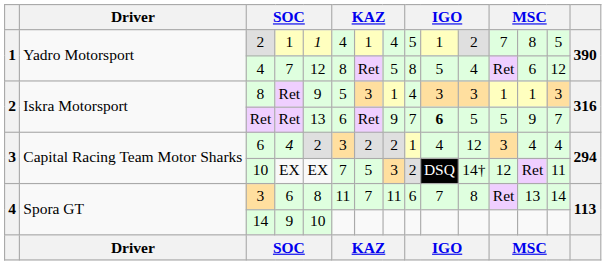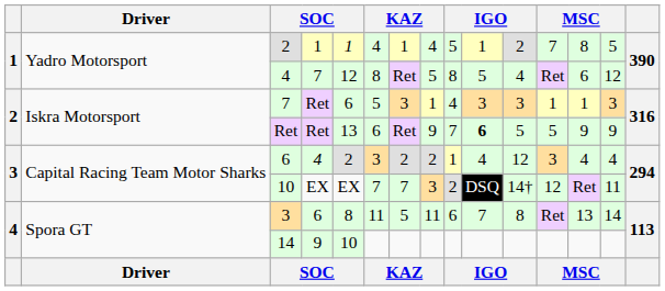 <table align=left| class="wikitable" style="font-size: 85%; text-align: center">
 <tr valign="top">
 <th valign="middle"></th>
 <th valign="middle">Driver</th>
 <th colspan=3><a href='#'>SOC</a></th>
 <th colspan=3><a href='#'>KAZ</a></th>
 <th colspan=3><a href='#'>IGO</a></th>
 <th colspan=3><a href='#'>MSC</a></th>
 <th valign="middle"></th>
 </tr>
 <tr>
 <th rowspan="2">1</th>
 <td rowspan="2" align=left>Yadro Motorsport</td>
 <td style="background:#dfdfdf;">2</td>
 <td style="background:#ffffbf;">1</td>
 <td style="background:#ffffbf;"><em>1</em></td>
 <td style="background:#dfffdf;">4</td>
 <td style="background:#ffffbf;">1</td>
 <td style="background:#dfffdf;">4</td>
 <td style="background:#dfffdf;">5</td>
 <td style="background:#ffffbf;">1</td>
 <td style="background:#dfdfdf;">2</td>
 <td style="background:#dfffdf;">7</td>
 <td style="background:#dfffdf;">8</td>
 <td style="background:#dfffdf;">5</td>
 <th rowspan="2">390</th>
 </tr>
 <tr>
 <td style="background:#dfffdf;">4</td>
 <td style="background:#dfffdf;">7</td>
 <td style="background:#dfffdf;">12</td>
 <td style="background:#dfffdf;">8</td>
 <td style="background:#efcfff;">Ret</td>
 <td style="background:#dfffdf;">5</td>
 <td style="background:#dfffdf;">8</td>
 <td style="background:#dfffdf;">5</td>
 <td style="background:#dfffdf;">4</td>
 <td style="background:#efcfff;">Ret</td>
 <td style="background:#dfffdf;">6</td>
 <td style="background:#dfffdf;">12</td>
 </tr>
 <tr>
 <th rowspan="2">2</th>
 <td rowspan="2" align=left>Iskra Motorsport</td>
-<td style="background:#dfffdf;">8</td>
+<td style="background:#dfffdf;">7</td>
 <td style="background:#efcfff;">Ret</td>
-<td style="background:#dfffdf;">9</td>
+<td style="background:#dfffdf;">6</td>
 <td style="background:#dfffdf;">5</td>
 <td style="background:#ffdf9f;">3</td>
 <td style="background:#ffffbf;">1</td>
 <td style="background:#dfffdf;">4</td>
 <td style="background:#ffdf9f;">3</td>
 <td style="background:#ffdf9f;">3</td>
 <td style="background:#ffffbf;">1</td>
 <td style="background:#ffffbf;">1</td>
 <td style="background:#ffdf9f;">3</td>
 <th rowspan="2">316</th>
 </tr>
 <tr>
 <td style="background:#efcfff;">Ret</td>
 <td style="background:#efcfff;">Ret</td>
 <td style="background:#dfffdf;">13</td>
 <td style="background:#dfffdf;">6</td>
 <td style="background:#efcfff;">Ret</td>
 <td style="background:#dfffdf;">9</td>
 <td style="background:#dfffdf;">7</td>
 <td style="background:#dfffdf;"><strong>6</strong></td>
 <td style="background:#dfffdf;">5</td>
 <td style="background:#dfffdf;">5</td>
 <td style="background:#dfffdf;">9</td>
-<td style="background:#dfffdf;">7</td>
+<td style="background:#dfffdf;">9</td>
 </tr>
 <tr>
 <th rowspan="2">3</th>
 <td rowspan="2" align=left>Capital Racing Team Motor Sharks</td>
 <td style="background:#dfffdf;">6</td>
 <td style="background:#dfffdf;"><em>4</em></td>
 <td style="background:#dfdfdf;">2</td>
 <td style="background:#ffdf9f;">3</td>
 <td style="background:#dfdfdf;">2</td>
 <td style="background:#dfdfdf;">2</td>
 <td style="background:#ffffbf;">1</td>
 <td style="background:#dfffdf;">4</td>
 <td style="background:#dfffdf;">12</td>
 <td style="background:#ffdf9f;">3</td>
 <td style="background:#dfffdf;">4</td>
 <td style="background:#dfffdf;">4</td>
 <th rowspan="2">294</th>
 </tr>
 <tr>
 <td style="background:#dfffdf;">10</td>
 <td>EX</td>
 <td>EX</td>
 <td style="background:#dfffdf;">7</td>
-<td style="background:#dfffdf;">5</td>
+<td style="background:#dfffdf;">7</td>
 <td style="background:#ffdf9f;">3</td>
 <td style="background:#dfdfdf;">2</td>
 <td style="background-color:#000000;color:white">DSQ</td>
 <td style="background:#dfffdf;">14†</td>
 <td style="background:#dfffdf;">12</td>
 <td style="background:#efcfff;">Ret</td>
 <td style="background:#dfffdf;">11</td>
 </tr>
 <tr>
 <th rowspan="2">4</th>
 <td rowspan="2" align=left>Spora GT</td>
 <td style="background:#ffdf9f;">3</td>
 <td style="background:#dfffdf;">6</td>
 <td style="background:#dfffdf;">8</td>
 <td style="background:#dfffdf;">11</td>
-<td style="background:#dfffdf;">7</td>
+<td style="background:#dfffdf;">5</td>
 <td style="background:#dfffdf;">11</td>
 <td style="background:#dfffdf;">6</td>
 <td style="background:#dfffdf;">7</td>
 <td style="background:#dfffdf;">8</td>
 <td style="background:#efcfff;">Ret</td>
 <td style="background:#dfffdf;">13</td>
 <td style="background:#dfffdf;">14</td>
 <th rowspan="2">113</th>
 </tr>
 <tr>
 <td style="background:#dfffdf;">14</td>
 <td style="background:#dfffdf;">9</td>
 <td style="background:#dfffdf;">10</td>
 <td></td>
 <td></td>
 <td></td>
 <td></td>
 <td></td>
 <td></td>
 <td></td>
 <td></td>
 </tr>
 <tr>
 <th valign="middle"></th>
 <th valign="middle">Driver</th>
 <th colspan=3><a href='#'>SOC</a></th>
 <th colspan=3><a href='#'>KAZ</a></th>
 <th colspan=3><a href='#'>IGO</a></th>
 <th colspan=3><a href='#'>MSC</a></th>
 <th valign="middle"></th>
 </tr>
 </table>
